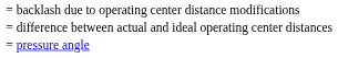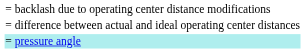 <table>
 <tr>
 <td rowspan="3" width="20"> </td>
 <td></td>
 <td>= backlash due to operating center distance modifications</td>
 </tr>
 <tr>
 <td></td>
 <td>= difference between actual and ideal operating center distances</td>
 </tr>
 <tr>
 <td></td>
-<td>= <a href='#'>pressure angle</a></td>
+<td style="background: paleturquoise;">= <a href='#'>pressure angle</a></td>
 </tr>
 </table>
